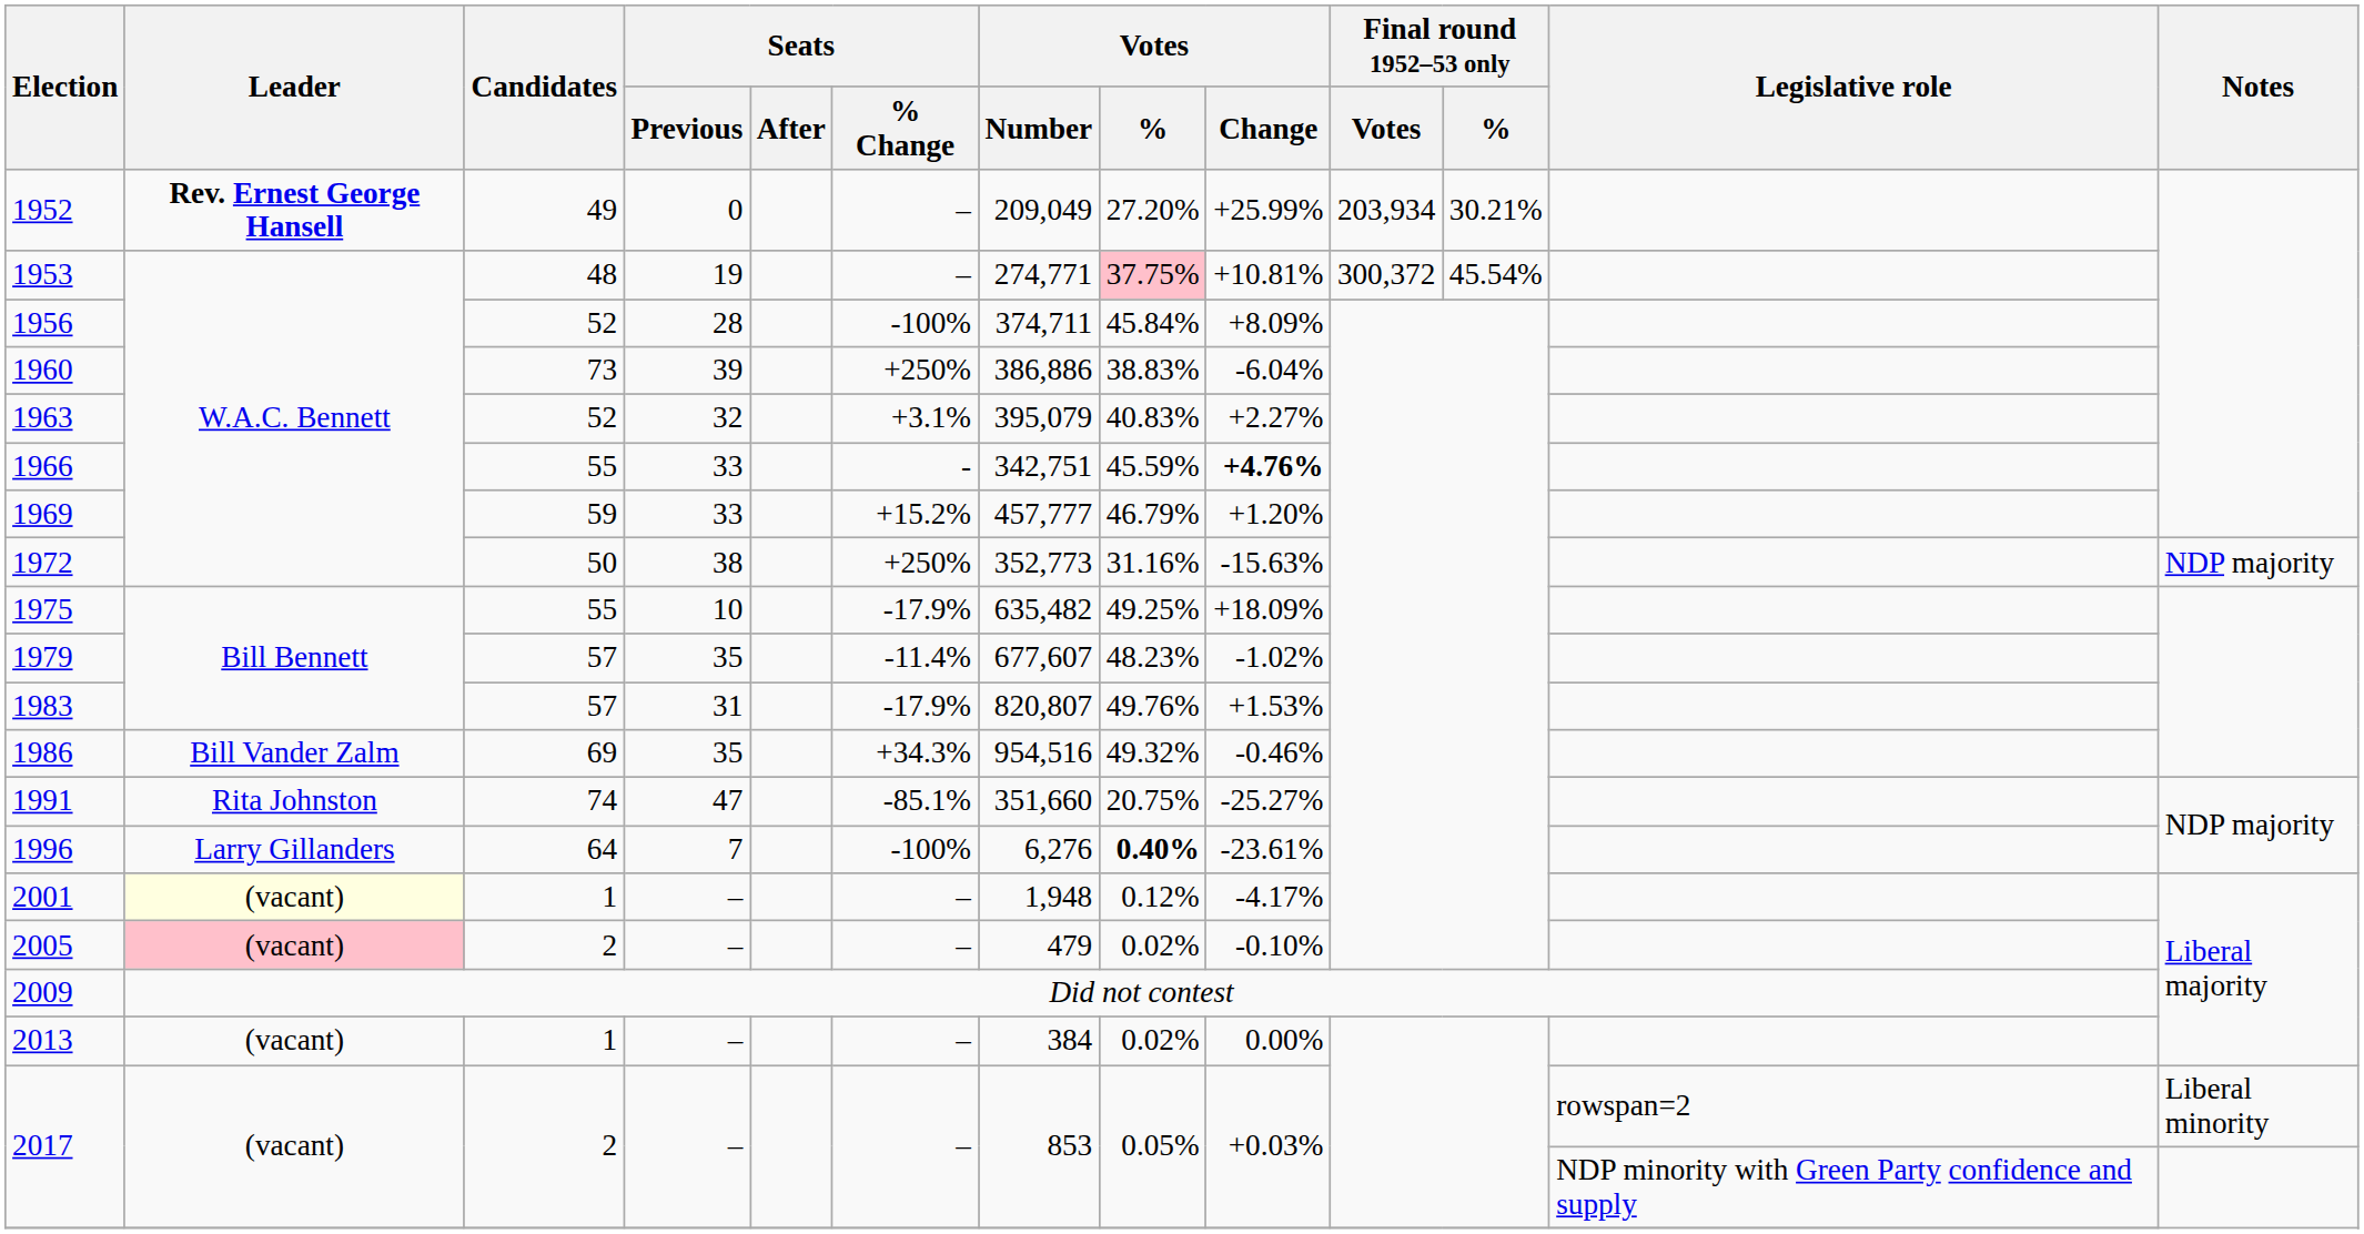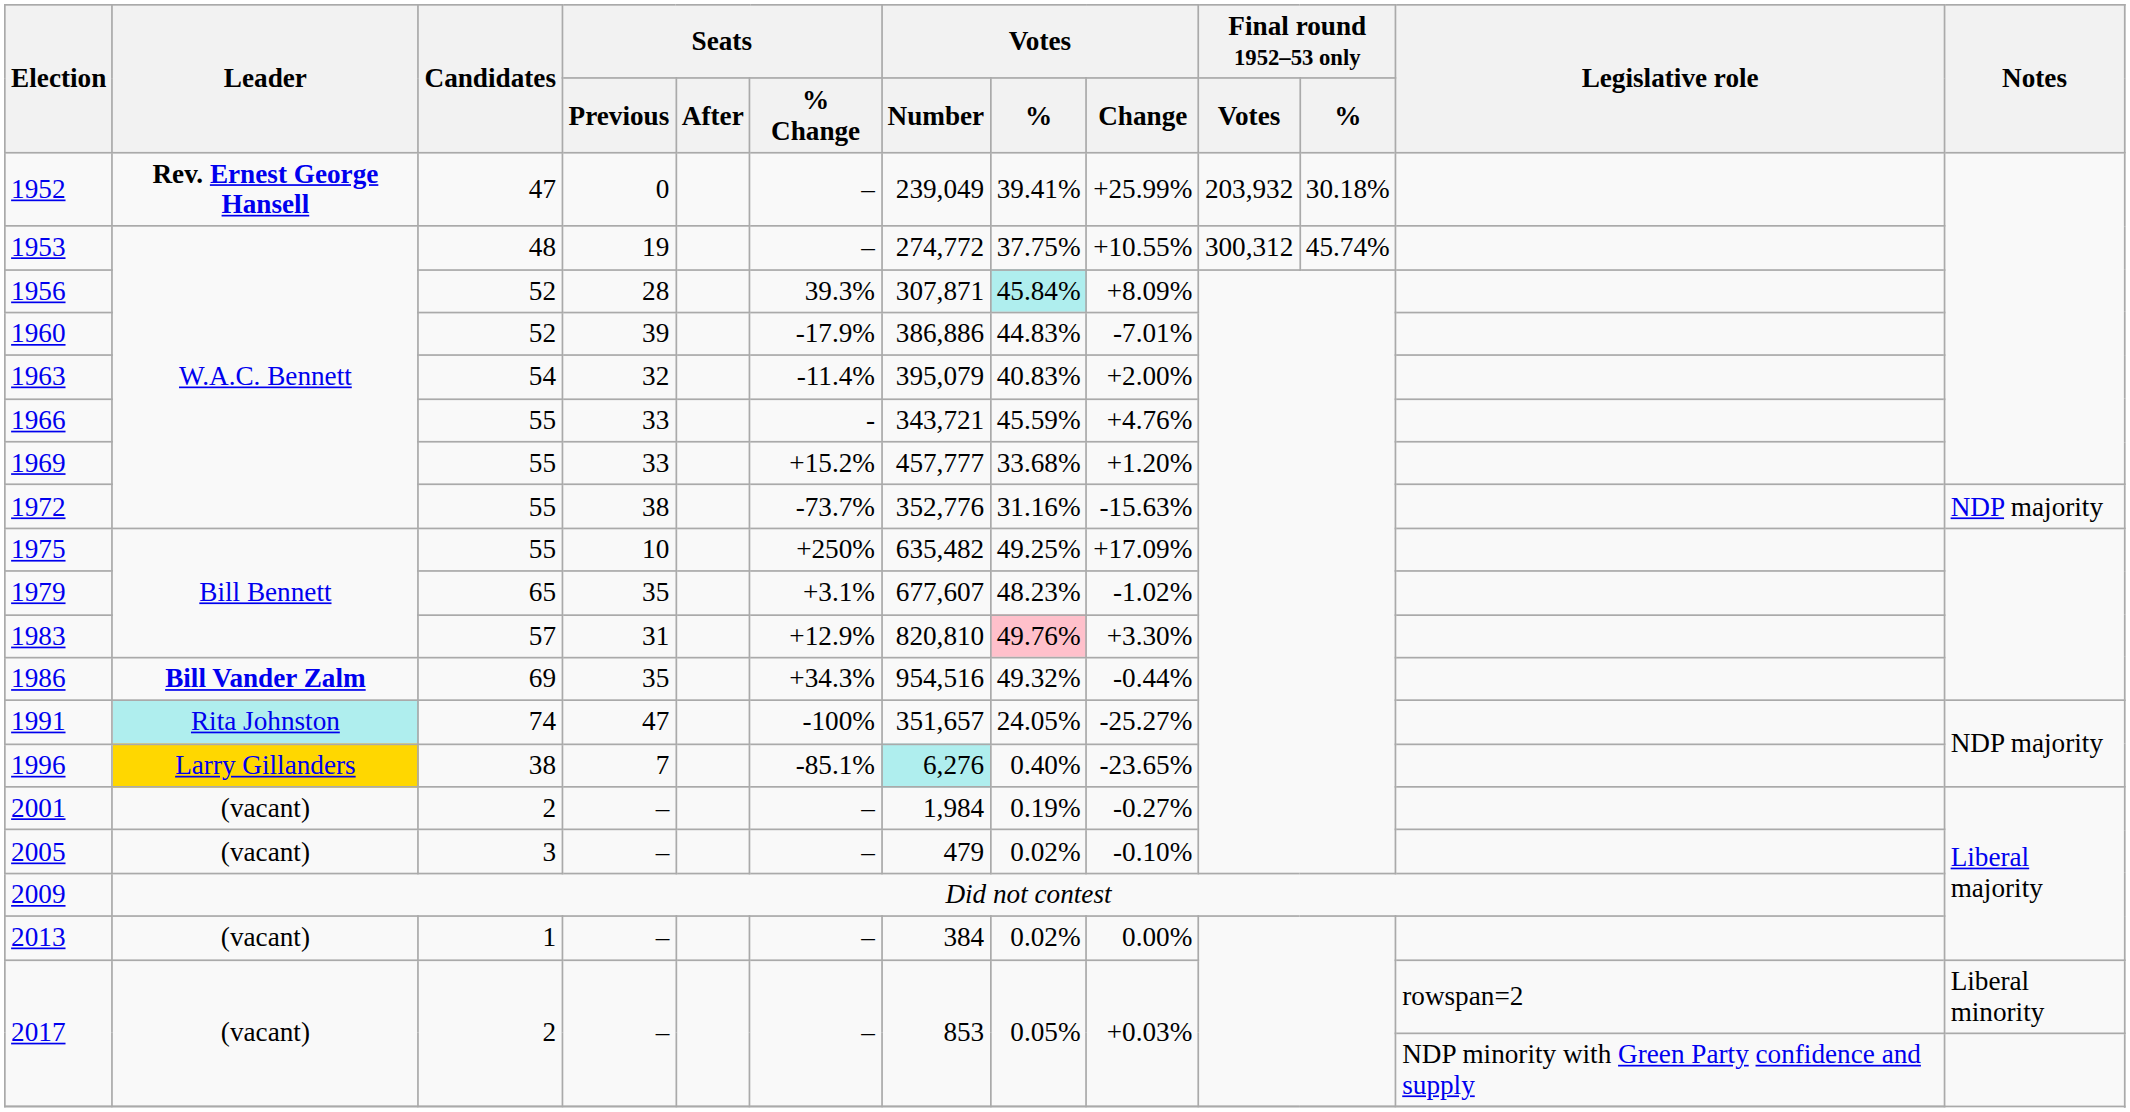 <table class="wikitable">
 <tr>
 <th rowspan="2">Election</th>
 <th rowspan="2">Leader</th>
 <th rowspan="2">Candidates</th>
 <th colspan="3">Seats</th>
 <th colspan="3">Votes</th>
 <th colspan="2"><strong>Final round</strong><br><small>1952–53 only</small></th>
 <th rowspan="2">Legislative role</th>
 <th rowspan="2">Notes</th>
 </tr>
 <tr>
 <th>Previous</th>
 <th>After</th>
 <th>% Change</th>
 <th>Number</th>
 <th>%</th>
 <th>Change</th>
 <th>Votes</th>
 <th>%</th>
 </tr>
 <tr>
 <td><a href='#'>1952</a></td>
 <td align="center"><strong>Rev. <a href='#'>Ernest George Hansell</a></strong></td>
-<td align="right">49</td>
+<td align="right">47</td>
 <td align="right">0</td>
 <td></td>
 <td align="right">–</td>
-<td align="right">209,049</td>
-<td align="right">27.20%</td>
+<td align="right">239,049</td>
+<td align="right">39.41%</td>
 <td align="right">+25.99%</td>
-<td align="right">203,934</td>
-<td align="right">30.21%</td>
+<td align="right">203,932</td>
+<td align="right">30.18%</td>
 <td></td>
 <td rowspan=7></td>
 </tr>
 <tr>
 <td><a href='#'>1953</a></td>
 <td align="center" rowspan=7><a href='#'>W.A.C. Bennett</a></td>
 <td align="right">48</td>
 <td align="right">19</td>
 <td></td>
 <td align="right">–</td>
-<td align="right">274,771</td>
-<td align="right" style="background: pink;">37.75%</td>
-<td align="right">+10.81%</td>
-<td align="right">300,372</td>
-<td align="right">45.54%</td>
+<td align="right">274,772</td>
+<td align="right">37.75%</td>
+<td align="right">+10.55%</td>
+<td align="right">300,312</td>
+<td align="right">45.74%</td>
 <td></td>
 </tr>
 <tr>
 <td><a href='#'>1956</a></td>
 <td align="right">52</td>
 <td align="right">28</td>
 <td></td>
-<td align="right">-100%</td>
-<td align="right">374,711</td>
-<td align="right">45.84%</td>
+<td align="right">39.3%</td>
+<td align="right">307,871</td>
+<td align="right" style="background: paleturquoise;">45.84%</td>
 <td align="right">+8.09%</td>
 <td rowspan=14 colspan=2></td>
 <td></td>
 </tr>
 <tr>
 <td><a href='#'>1960</a></td>
-<td align="right">73</td>
+<td align="right">52</td>
 <td align="right">39</td>
 <td></td>
-<td align="right">+250%</td>
+<td align="right">-17.9%</td>
 <td align="right">386,886</td>
-<td align="right">38.83%</td>
-<td align="right">-6.04%</td>
+<td align="right">44.83%</td>
+<td align="right">-7.01%</td>
 <td></td>
 </tr>
 <tr>
 <td><a href='#'>1963</a></td>
-<td align="right">52</td>
+<td align="right">54</td>
 <td align="right">32</td>
 <td></td>
-<td align="right">+3.1%</td>
+<td align="right">-11.4%</td>
 <td align="right">395,079</td>
 <td align="right">40.83%</td>
-<td align="right">+2.27%</td>
+<td align="right">+2.00%</td>
 <td></td>
 </tr>
 <tr>
 <td><a href='#'>1966</a></td>
 <td align="right">55</td>
 <td align="right">33</td>
 <td></td>
 <td align="right">-</td>
-<td align="right">342,751</td>
+<td align="right">343,721</td>
 <td align="right">45.59%</td>
-<td align="right"><strong>+4.76%</strong></td>
+<td align="right">+4.76%</td>
 <td></td>
 </tr>
 <tr>
 <td><a href='#'>1969</a></td>
-<td align="right">59</td>
+<td align="right">55</td>
 <td align="right">33</td>
 <td></td>
 <td align="right">+15.2%</td>
 <td align="right">457,777</td>
-<td align="right">46.79%</td>
+<td align="right">33.68%</td>
 <td align="right">+1.20%</td>
 <td></td>
 </tr>
 <tr>
 <td><a href='#'>1972</a></td>
-<td align="right">50</td>
+<td align="right">55</td>
 <td align="right">38</td>
 <td></td>
-<td align="right">+250%</td>
-<td align="right">352,773</td>
+<td align="right">-73.7%</td>
+<td align="right">352,776</td>
 <td align="right">31.16%</td>
 <td align="right">-15.63%</td>
 <td></td>
 <td><a href='#'>NDP</a> majority</td>
 </tr>
 <tr>
 <td><a href='#'>1975</a></td>
 <td align="center" rowspan=3><a href='#'>Bill Bennett</a></td>
 <td align="right">55</td>
 <td align="right">10</td>
 <td></td>
-<td align="right">-17.9%</td>
+<td align="right">+250%</td>
 <td align="right">635,482</td>
 <td align="right">49.25%</td>
-<td align="right">+18.09%</td>
+<td align="right">+17.09%</td>
 <td></td>
 </tr>
 <tr>
 <td><a href='#'>1979</a></td>
-<td align="right">57</td>
+<td align="right">65</td>
 <td align="right">35</td>
 <td></td>
-<td align="right">-11.4%</td>
+<td align="right">+3.1%</td>
 <td align="right">677,607</td>
 <td align="right">48.23%</td>
 <td align="right">-1.02%</td>
 <td></td>
 </tr>
 <tr>
 <td><a href='#'>1983</a></td>
 <td align="right">57</td>
 <td align="right">31</td>
 <td></td>
-<td align="right">-17.9%</td>
-<td align="right">820,807</td>
-<td align="right">49.76%</td>
-<td align="right">+1.53%</td>
+<td align="right">+12.9%</td>
+<td align="right">820,810</td>
+<td align="right" style="background: pink;">49.76%</td>
+<td align="right">+3.30%</td>
 <td></td>
 </tr>
 <tr>
 <td><a href='#'>1986</a></td>
-<td align="center"><a href='#'>Bill Vander Zalm</a></td>
+<td align="center"><strong><a href='#'>Bill Vander Zalm</a></strong></td>
 <td align="right">69</td>
 <td align="right">35</td>
 <td></td>
 <td align="right">+34.3%</td>
 <td align="right">954,516</td>
 <td align="right">49.32%</td>
-<td align="right">-0.46%</td>
+<td align="right">-0.44%</td>
 <td></td>
 </tr>
 <tr>
 <td><a href='#'>1991</a></td>
-<td align="center"><a href='#'>Rita Johnston</a></td>
+<td align="center" style="background: paleturquoise;"><a href='#'>Rita Johnston</a></td>
 <td align="right">74</td>
 <td align="right">47</td>
 <td></td>
-<td align="right">-85.1%</td>
-<td align="right">351,660</td>
-<td align="right">20.75%</td>
+<td align="right">-100%</td>
+<td align="right">351,657</td>
+<td align="right">24.05%</td>
 <td align="right">-25.27%</td>
 <td></td>
 <td rowspan=2>NDP majority</td>
 </tr>
 <tr>
 <td><a href='#'>1996</a></td>
-<td align="center"><a href='#'>Larry Gillanders</a></td>
-<td align="right">64</td>
+<td align="center" style="background: gold;"><a href='#'>Larry Gillanders</a></td>
+<td align="right">38</td>
 <td align="right">7</td>
 <td></td>
-<td align="right">-100%</td>
-<td align="right">6,276</td>
-<td align="right"><strong>0.40%</strong></td>
-<td align="right">-23.61%</td>
+<td align="right">-85.1%</td>
+<td align="right" style="background: paleturquoise;">6,276</td>
+<td align="right">0.40%</td>
+<td align="right">-23.65%</td>
 <td></td>
 </tr>
 <tr>
 <td><a href='#'>2001</a></td>
-<td align="center" style="background: lightyellow;">(vacant)</td>
-<td align="right">1</td>
+<td align="center">(vacant)</td>
+<td align="right">2</td>
 <td align="right">–</td>
 <td></td>
 <td align="right">–</td>
-<td align="right">1,948</td>
-<td align="right">0.12%</td>
-<td align="right">-4.17%</td>
+<td align="right">1,984</td>
+<td align="right">0.19%</td>
+<td align="right">-0.27%</td>
 <td></td>
 <td rowspan=4><a href='#'>Liberal</a> majority</td>
 </tr>
 <tr>
 <td><a href='#'>2005</a></td>
-<td align="center" style="background: pink;">(vacant)</td>
-<td align="right">2</td>
+<td align="center">(vacant)</td>
+<td align="right">3</td>
 <td align="right">–</td>
 <td></td>
 <td align="right">–</td>
 <td align="right">479</td>
 <td align="right">0.02%</td>
 <td align="right">-0.10%</td>
 <td></td>
 </tr>
 <tr>
 <td><a href='#'>2009</a></td>
 <td colspan=11 align="center"><em>Did not contest</em></td>
 </tr>
 <tr>
 <td><a href='#'>2013</a></td>
 <td align="center">(vacant)</td>
 <td align="right">1</td>
 <td align="right">–</td>
 <td></td>
 <td align="right">–</td>
 <td align="right">384</td>
 <td align="right">0.02%</td>
 <td align="right">0.00%</td>
 <td rowspan=3 colspan=2></td>
 <td></td>
 </tr>
 <tr>
 <td rowspan=2><a href='#'>2017</a></td>
 <td rowspan=2 align="center">(vacant)</td>
 <td rowspan=2 align="right">2</td>
 <td rowspan=2 align="right">–</td>
 <td rowspan=2></td>
 <td rowspan=2 align="right">–</td>
 <td rowspan=2 align="right">853</td>
 <td rowspan=2 align="right">0.05%</td>
 <td rowspan=2 align="right">+0.03%</td>
 <td>rowspan=2 </td>
 <td>Liberal minority</td>
 </tr>
 <tr>
 <td>NDP minority with <a href='#'>Green Party</a> <a href='#'>confidence and supply</a></td>
 </tr>
 <tr>
 </tr>
 </table>
